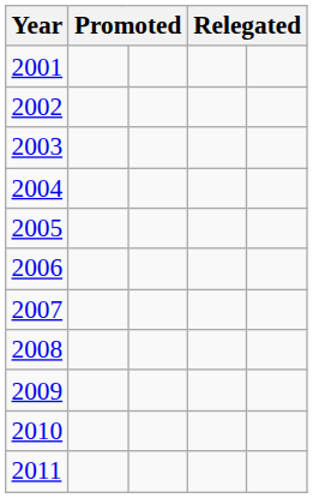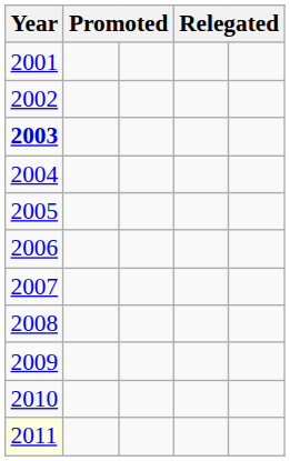 <table class="wikitable" border=1>
 <tr>
 <th>Year</th>
 <th colspan=2>Promoted</th>
 <th colspan=2>Relegated</th>
 </tr>
 <tr>
 <td><a href='#'>2001</a></td>
 <td></td>
 <td></td>
 <td></td>
 <td></td>
 </tr>
 <tr>
 <td><a href='#'>2002</a></td>
 <td></td>
 <td></td>
 <td></td>
 <td></td>
 </tr>
 <tr>
-<td><a href='#'>2003</a></td>
+<td><strong><a href='#'>2003</a></strong></td>
 <td></td>
 <td></td>
 <td></td>
 <td></td>
 </tr>
 <tr>
 <td><a href='#'>2004</a></td>
 <td></td>
 <td></td>
 <td></td>
 <td></td>
 </tr>
 <tr>
 <td><a href='#'>2005</a></td>
 <td></td>
 <td></td>
 <td></td>
 <td></td>
 </tr>
 <tr>
 <td><a href='#'>2006</a></td>
 <td></td>
 <td></td>
 <td></td>
 <td></td>
 </tr>
 <tr>
 <td><a href='#'>2007</a></td>
 <td></td>
 <td></td>
 <td></td>
 <td></td>
 </tr>
 <tr>
 <td><a href='#'>2008</a></td>
 <td></td>
 <td></td>
 <td></td>
 <td></td>
 </tr>
 <tr>
 <td><a href='#'>2009</a></td>
 <td></td>
 <td></td>
 <td></td>
 <td></td>
 </tr>
 <tr>
 <td><a href='#'>2010</a></td>
 <td></td>
 <td></td>
 <td></td>
 <td></td>
 </tr>
 <tr>
-<td><a href='#'>2011</a></td>
+<td style="background: lightyellow;"><a href='#'>2011</a></td>
 <td></td>
 <td></td>
 <td></td>
 <td></td>
 </tr>
 </table>
